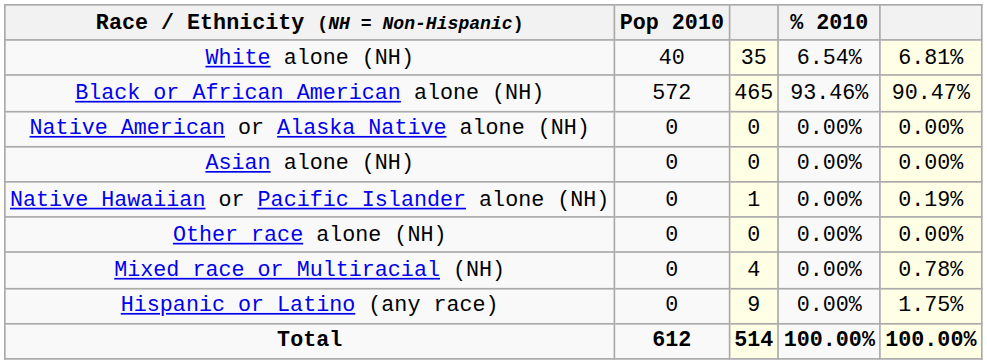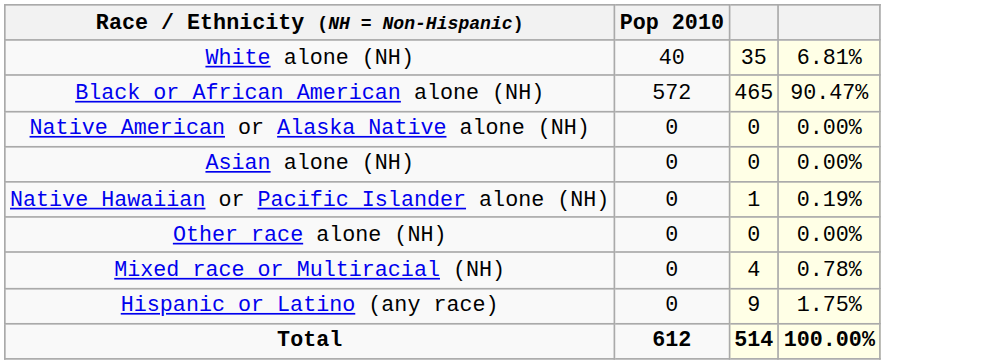 <table class="wikitable" style="text-align:center;">
 <tr>
 <th>Race / Ethnicity <small>(<em>NH = Non-Hispanic</em>)</small></th>
 <th>Pop 2010</th>
 <th></th>
-<th>% 2010</th>
 <th></th>
 </tr>
 <tr>
 <td><a href='#'>White</a> alone (NH)</td>
 <td>40</td>
 <td style='background: #ffffe6;'>35</td>
-<td>6.54%</td>
 <td style='background: #ffffe6;'>6.81%</td>
 </tr>
 <tr>
 <td><a href='#'>Black or African American</a> alone (NH)</td>
 <td>572</td>
 <td style='background: #ffffe6;'>465</td>
-<td>93.46%</td>
 <td style='background: #ffffe6;'>90.47%</td>
 </tr>
 <tr>
 <td><a href='#'>Native American</a> or <a href='#'>Alaska Native</a> alone (NH)</td>
 <td>0</td>
 <td style='background: #ffffe6;'>0</td>
-<td>0.00%</td>
 <td style='background: #ffffe6;'>0.00%</td>
 </tr>
 <tr>
 <td><a href='#'>Asian</a> alone (NH)</td>
 <td>0</td>
 <td style='background: #ffffe6;'>0</td>
-<td>0.00%</td>
 <td style='background: #ffffe6;'>0.00%</td>
 </tr>
 <tr>
 <td><a href='#'>Native Hawaiian</a> or <a href='#'>Pacific Islander</a> alone (NH)</td>
 <td>0</td>
 <td style='background: #ffffe6;'>1</td>
-<td>0.00%</td>
 <td style='background: #ffffe6;'>0.19%</td>
 </tr>
 <tr>
 <td><a href='#'>Other race</a> alone (NH)</td>
 <td>0</td>
 <td style='background: #ffffe6;'>0</td>
-<td>0.00%</td>
 <td style='background: #ffffe6;'>0.00%</td>
 </tr>
 <tr>
 <td><a href='#'>Mixed race or Multiracial</a> (NH)</td>
 <td>0</td>
 <td style='background: #ffffe6;'>4</td>
-<td>0.00%</td>
 <td style='background: #ffffe6;'>0.78%</td>
 </tr>
 <tr>
 <td><a href='#'>Hispanic or Latino</a> (any race)</td>
 <td>0</td>
 <td style='background: #ffffe6;'>9</td>
-<td>0.00%</td>
 <td style='background: #ffffe6;'>1.75%</td>
 </tr>
 <tr>
 <td><strong>Total</strong></td>
 <td><strong>612</strong></td>
 <td style='background: #ffffe6;'><strong>514</strong></td>
-<td><strong>100.00%</strong></td>
 <td style='background: #ffffe6;'><strong>100.00%</strong></td>
 </tr>
 </table>
